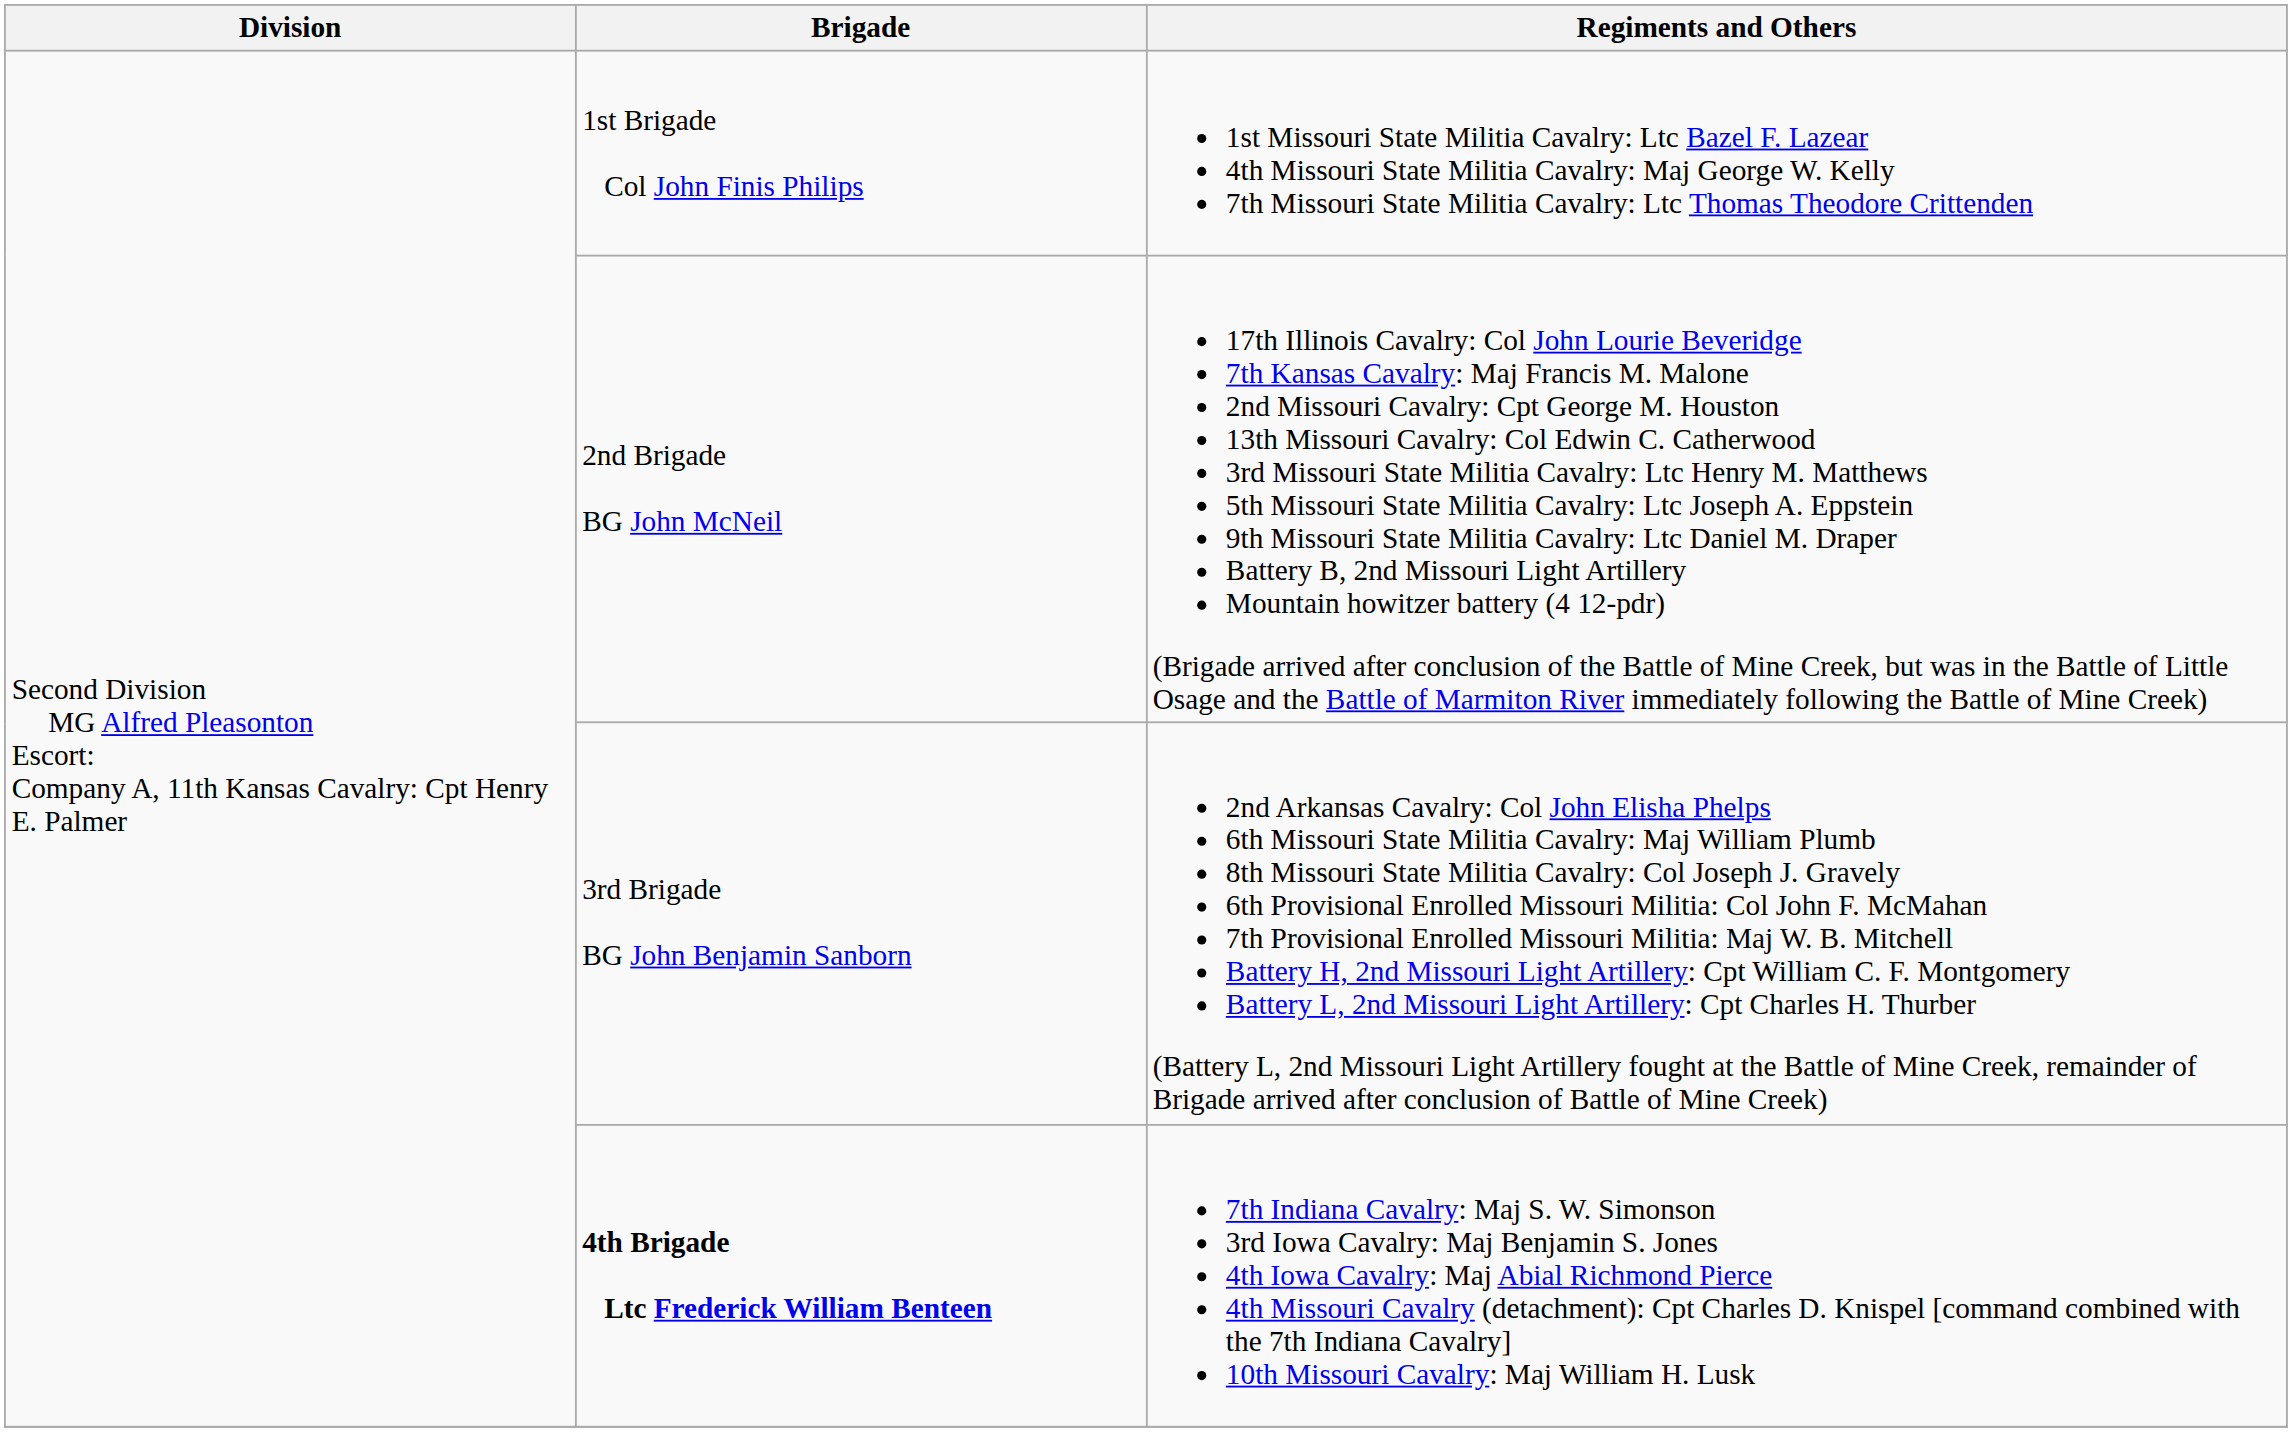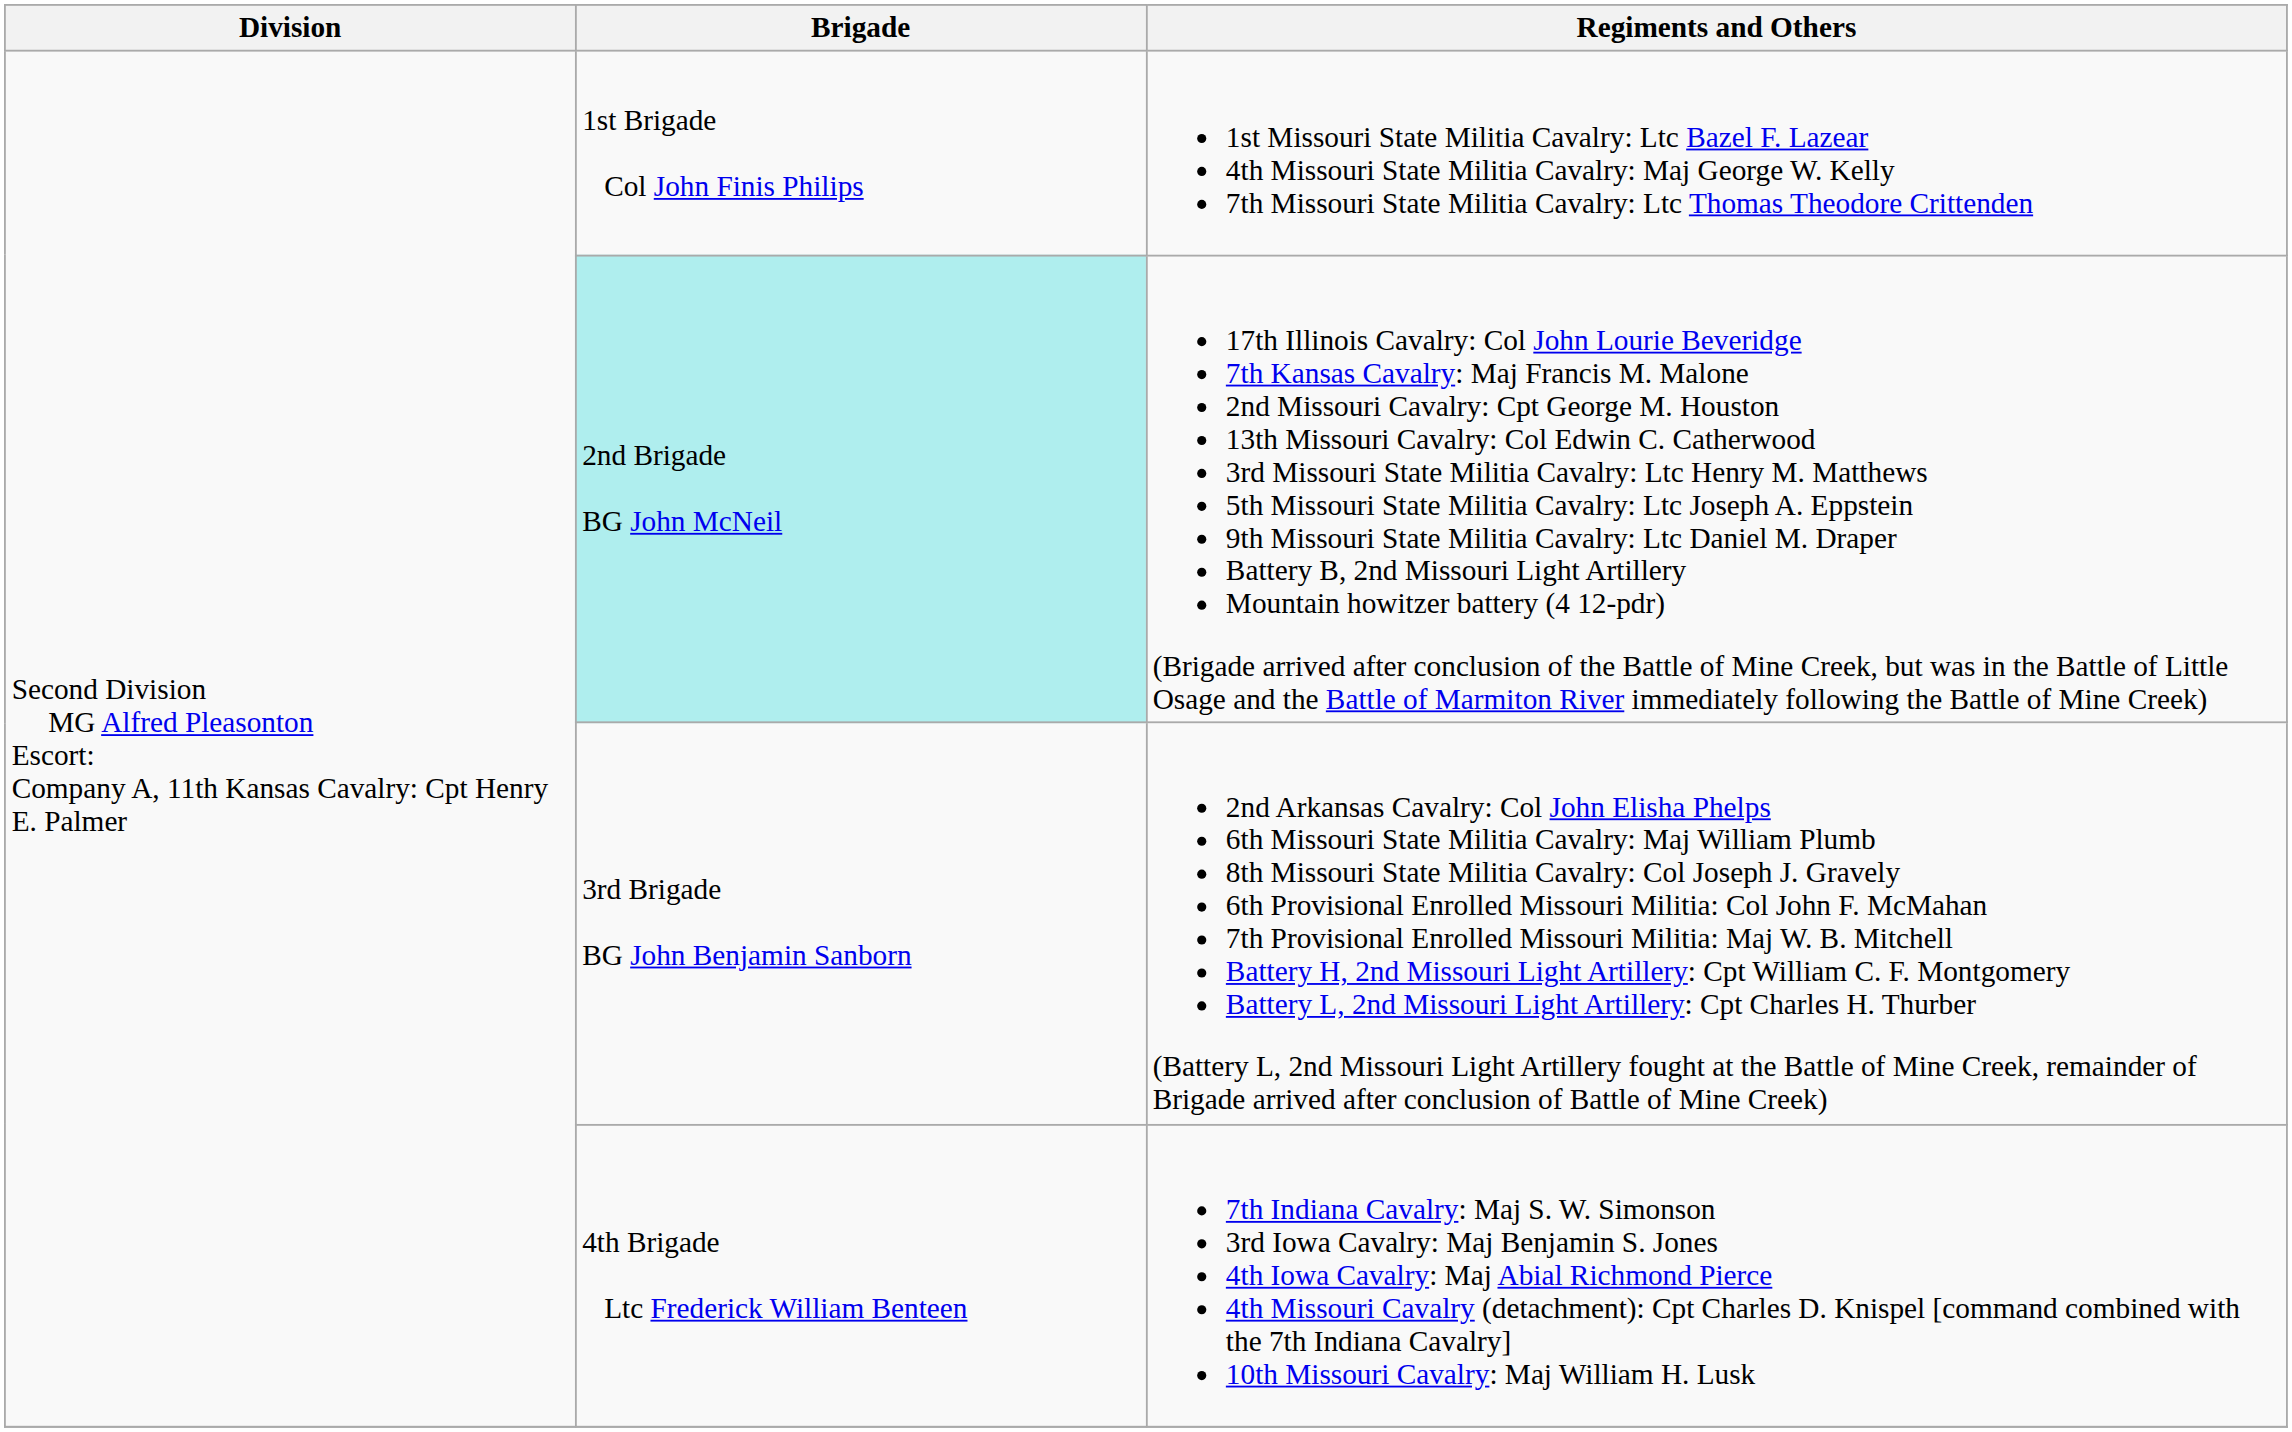 <table class="wikitable">
 <tr>
 <th width=25%>Division</th>
 <th width=25%>Brigade</th>
 <th>Regiments and Others</th>
 </tr>
 <tr>
 <td rowspan=4><br>Second Division <br>     MG <a href='#'>Alfred Pleasonton</a><br> Escort:<br> Company A, 11th Kansas Cavalry: Cpt Henry E. Palmer</td>
 <td>1st Brigade<br><br>   Col <a href='#'>John Finis Philips</a></td>
 <td><br><ul><li>1st Missouri State Militia Cavalry: Ltc <a href='#'>Bazel F. Lazear</a></li><li>4th Missouri State Militia Cavalry: Maj George W. Kelly</li><li>7th Missouri State Militia Cavalry: Ltc <a href='#'>Thomas Theodore Crittenden</a></li></ul></td>
 </tr>
 <tr>
-<td>2nd Brigade<br><br> BG <a href='#'>John McNeil</a></td>
+<td style="background: paleturquoise;">2nd Brigade<br><br> BG <a href='#'>John McNeil</a></td>
 <td><br><ul><li>17th Illinois Cavalry: Col <a href='#'>John Lourie Beveridge</a></li><li><a href='#'>7th Kansas Cavalry</a>: Maj Francis M. Malone</li><li>2nd Missouri Cavalry: Cpt George M. Houston</li><li>13th Missouri Cavalry: Col Edwin C. Catherwood</li><li>3rd Missouri State Militia Cavalry: Ltc Henry M. Matthews</li><li>5th Missouri State Militia Cavalry: Ltc Joseph A. Eppstein</li><li>9th Missouri State Militia Cavalry: Ltc Daniel M. Draper</li><li>Battery B, 2nd Missouri Light Artillery</li><li>Mountain howitzer battery (4 12-pdr)</li></ul>(Brigade arrived after conclusion of the Battle of Mine Creek, but was in the Battle of Little Osage and the <a href='#'>Battle of Marmiton River</a> immediately following the Battle of Mine Creek)</td>
 </tr>
 <tr>
 <td>3rd Brigade<br><br> BG <a href='#'>John Benjamin Sanborn</a></td>
 <td><br><ul><li>2nd Arkansas Cavalry: Col <a href='#'>John Elisha Phelps</a></li><li>6th Missouri State Militia Cavalry: Maj William Plumb</li><li>8th Missouri State Militia Cavalry: Col Joseph J. Gravely</li><li>6th Provisional Enrolled Missouri Militia: Col John F. McMahan</li><li>7th Provisional Enrolled Missouri Militia: Maj W. B. Mitchell</li><li><a href='#'>Battery H, 2nd Missouri Light Artillery</a>: Cpt William C. F. Montgomery</li><li><a href='#'>Battery L, 2nd Missouri Light Artillery</a>: Cpt Charles H. Thurber</li></ul>(Battery L, 2nd Missouri Light Artillery fought at the Battle of Mine Creek, remainder of Brigade arrived after conclusion of Battle of Mine Creek)</td>
 </tr>
 <tr>
-<td><strong>4th Brigade<br><br>   Ltc <a href='#'>Frederick William Benteen</a></strong></td>
+<td>4th Brigade<br><br>   Ltc <a href='#'>Frederick William Benteen</a></td>
 <td><br><ul><li><a href='#'>7th Indiana Cavalry</a>: Maj S. W. Simonson</li><li>3rd Iowa Cavalry: Maj Benjamin S. Jones</li><li><a href='#'>4th Iowa Cavalry</a>: Maj <a href='#'>Abial Richmond Pierce</a></li><li><a href='#'>4th Missouri Cavalry</a> (detachment): Cpt Charles D. Knispel [command combined with the 7th Indiana Cavalry]</li><li><a href='#'>10th Missouri Cavalry</a>: Maj William H. Lusk</li></ul></td>
 </tr>
 <tr>
 </tr>
 </table>
